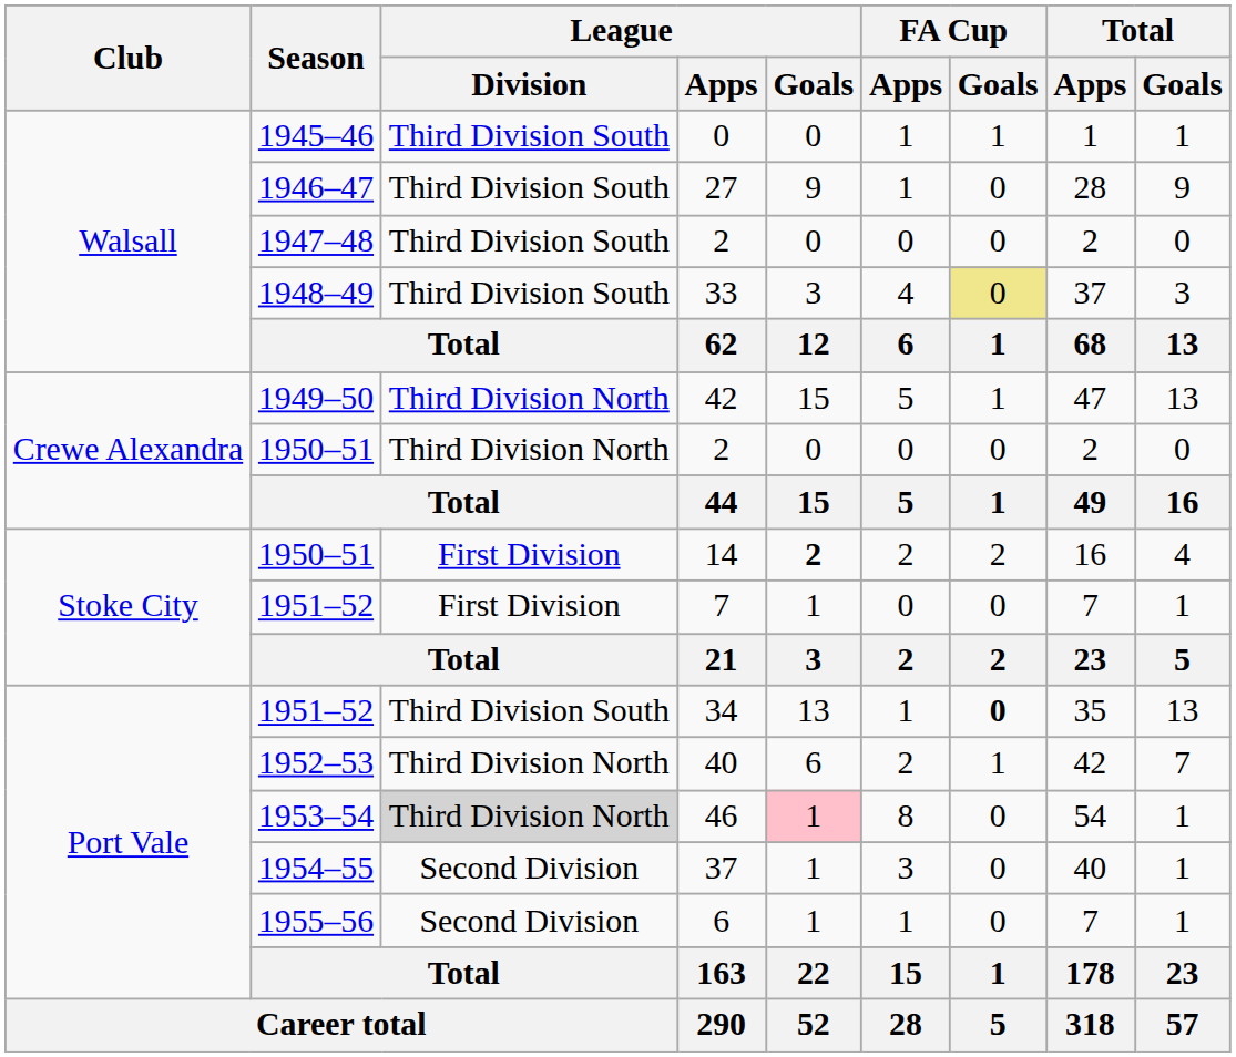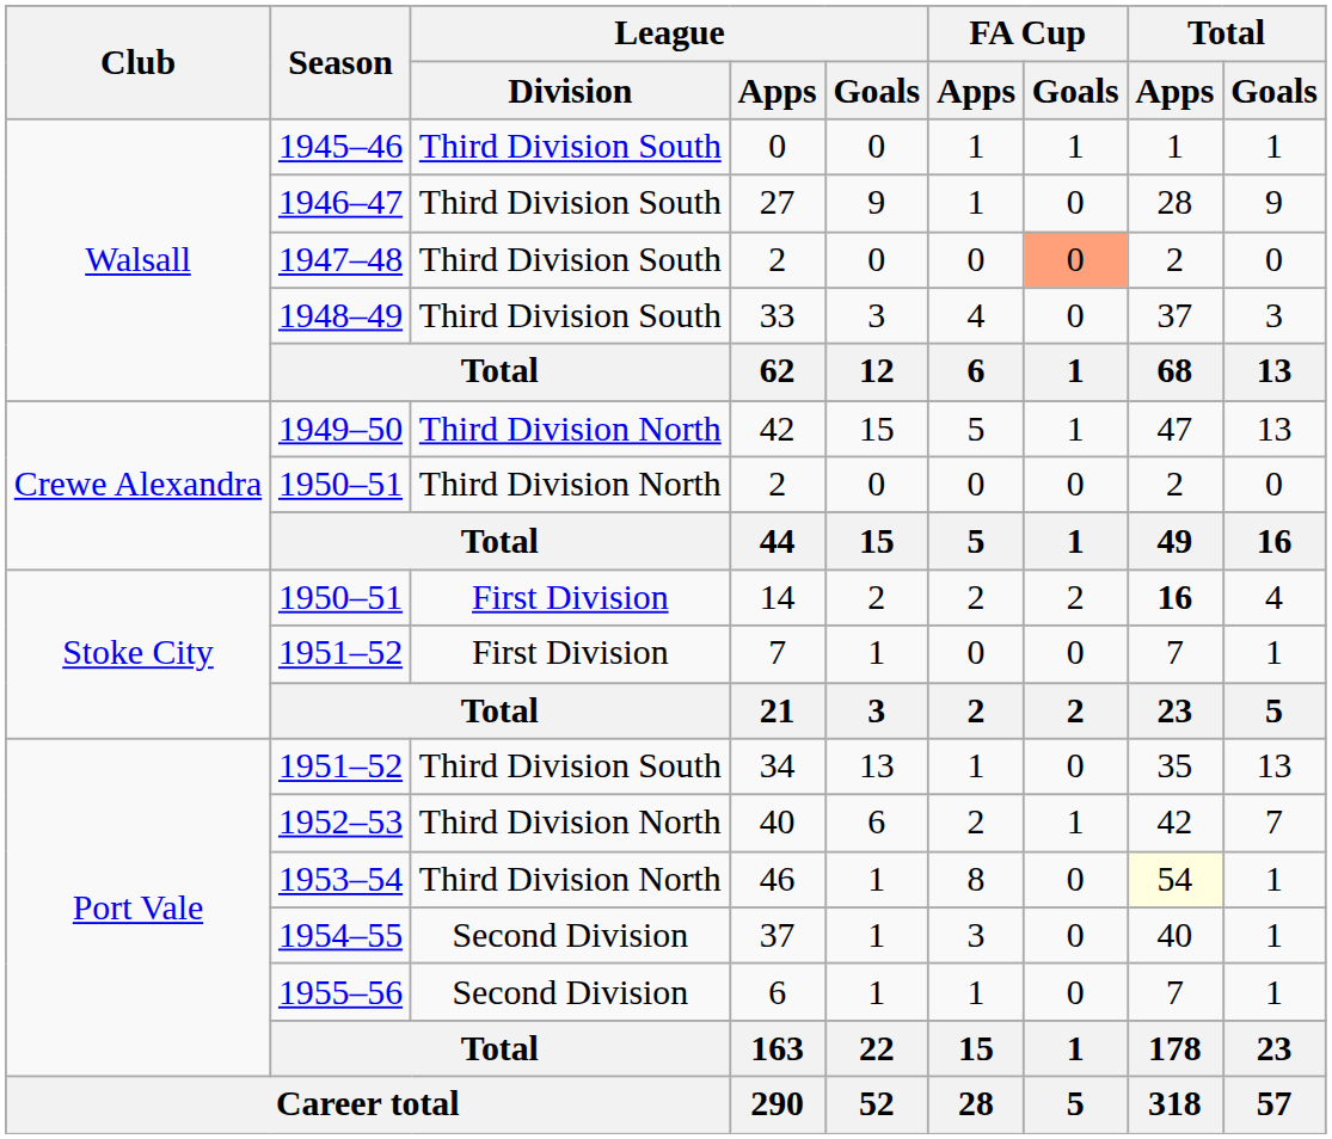 <table class="wikitable" style="text-align: center;">
 <tr>
 <th rowspan="2">Club</th>
 <th rowspan="2">Season</th>
 <th colspan="3">League</th>
 <th colspan="2">FA Cup</th>
 <th colspan="2">Total</th>
 </tr>
 <tr>
 <th>Division</th>
 <th>Apps</th>
 <th>Goals</th>
 <th>Apps</th>
 <th>Goals</th>
 <th>Apps</th>
 <th>Goals</th>
 </tr>
 <tr>
 <td rowspan="5"><a href='#'>Walsall</a></td>
 <td><a href='#'>1945–46</a></td>
 <td><a href='#'>Third Division South</a></td>
 <td>0</td>
 <td>0</td>
 <td>1</td>
 <td>1</td>
 <td>1</td>
 <td>1</td>
 </tr>
 <tr>
 <td><a href='#'>1946–47</a></td>
 <td>Third Division South</td>
 <td>27</td>
 <td>9</td>
 <td>1</td>
 <td>0</td>
 <td>28</td>
 <td>9</td>
 </tr>
 <tr>
 <td><a href='#'>1947–48</a></td>
 <td>Third Division South</td>
 <td>2</td>
 <td>0</td>
 <td>0</td>
-<td>0</td>
+<td style="background: lightsalmon;">0</td>
 <td>2</td>
 <td>0</td>
 </tr>
 <tr>
 <td><a href='#'>1948–49</a></td>
 <td>Third Division South</td>
 <td>33</td>
 <td>3</td>
 <td>4</td>
-<td style="background: khaki;">0</td>
+<td>0</td>
 <td>37</td>
 <td>3</td>
 </tr>
 <tr>
 <th colspan="2">Total</th>
 <th>62</th>
 <th>12</th>
 <th>6</th>
 <th>1</th>
 <th>68</th>
 <th>13</th>
 </tr>
 <tr>
 <td rowspan="3"><a href='#'>Crewe Alexandra</a></td>
 <td><a href='#'>1949–50</a></td>
 <td><a href='#'>Third Division North</a></td>
 <td>42</td>
 <td>15</td>
 <td>5</td>
 <td>1</td>
 <td>47</td>
 <td>13</td>
 </tr>
 <tr>
 <td><a href='#'>1950–51</a></td>
 <td>Third Division North</td>
 <td>2</td>
 <td>0</td>
 <td>0</td>
 <td>0</td>
 <td>2</td>
 <td>0</td>
 </tr>
 <tr>
 <th colspan="2">Total</th>
 <th>44</th>
 <th>15</th>
 <th>5</th>
 <th>1</th>
 <th>49</th>
 <th>16</th>
 </tr>
 <tr>
 <td rowspan="3"><a href='#'>Stoke City</a></td>
 <td><a href='#'>1950–51</a></td>
 <td><a href='#'>First Division</a></td>
 <td>14</td>
-<td><strong>2</strong></td>
 <td>2</td>
 <td>2</td>
-<td>16</td>
+<td>2</td>
+<td><strong>16</strong></td>
 <td>4</td>
 </tr>
 <tr>
 <td><a href='#'>1951–52</a></td>
 <td>First Division</td>
 <td>7</td>
 <td>1</td>
 <td>0</td>
 <td>0</td>
 <td>7</td>
 <td>1</td>
 </tr>
 <tr>
 <th colspan="2">Total</th>
 <th>21</th>
 <th>3</th>
 <th>2</th>
 <th>2</th>
 <th>23</th>
 <th>5</th>
 </tr>
 <tr>
 <td rowspan="6"><a href='#'>Port Vale</a></td>
 <td><a href='#'>1951–52</a></td>
 <td>Third Division South</td>
 <td>34</td>
 <td>13</td>
 <td>1</td>
-<td><strong>0</strong></td>
+<td>0</td>
 <td>35</td>
 <td>13</td>
 </tr>
 <tr>
 <td><a href='#'>1952–53</a></td>
 <td>Third Division North</td>
 <td>40</td>
 <td>6</td>
 <td>2</td>
 <td>1</td>
 <td>42</td>
 <td>7</td>
 </tr>
 <tr>
 <td><a href='#'>1953–54</a></td>
-<td style="background: lightgrey;">Third Division North</td>
+<td>Third Division North</td>
 <td>46</td>
-<td style="background: pink;">1</td>
+<td>1</td>
 <td>8</td>
 <td>0</td>
-<td>54</td>
+<td style="background: lightyellow;">54</td>
 <td>1</td>
 </tr>
 <tr>
 <td><a href='#'>1954–55</a></td>
 <td>Second Division</td>
 <td>37</td>
 <td>1</td>
 <td>3</td>
 <td>0</td>
 <td>40</td>
 <td>1</td>
 </tr>
 <tr>
 <td><a href='#'>1955–56</a></td>
 <td>Second Division</td>
 <td>6</td>
 <td>1</td>
 <td>1</td>
 <td>0</td>
 <td>7</td>
 <td>1</td>
 </tr>
 <tr>
 <th colspan="2">Total</th>
 <th>163</th>
 <th>22</th>
 <th>15</th>
 <th>1</th>
 <th>178</th>
 <th>23</th>
 </tr>
 <tr>
 <th colspan="3">Career total</th>
 <th>290</th>
 <th>52</th>
 <th>28</th>
 <th>5</th>
 <th>318</th>
 <th>57</th>
 </tr>
 </table>
